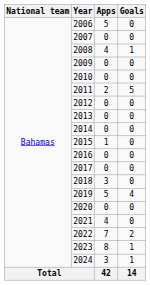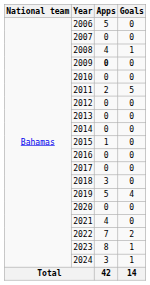 <table class="wikitable" style="text-align:center">
 <tr>
 <th>National team</th>
 <th>Year</th>
 <th>Apps</th>
 <th>Goals</th>
 </tr>
 <tr>
 <td rowspan="19"><a href='#'>Bahamas</a></td>
 <td>2006</td>
 <td>5</td>
 <td>0</td>
 </tr>
 <tr>
 <td>2007</td>
 <td>0</td>
 <td>0</td>
 </tr>
 <tr>
 <td>2008</td>
 <td>4</td>
 <td>1</td>
 </tr>
 <tr>
 <td>2009</td>
-<td>0</td>
+<td><strong>0</strong></td>
 <td>0</td>
 </tr>
 <tr>
 <td>2010</td>
 <td>0</td>
 <td>0</td>
 </tr>
 <tr>
 <td>2011</td>
 <td>2</td>
 <td>5</td>
 </tr>
 <tr>
 <td>2012</td>
 <td>0</td>
 <td>0</td>
 </tr>
 <tr>
 <td>2013</td>
 <td>0</td>
 <td>0</td>
 </tr>
 <tr>
 <td>2014</td>
 <td>0</td>
 <td>0</td>
 </tr>
 <tr>
 <td>2015</td>
 <td>1</td>
 <td>0</td>
 </tr>
 <tr>
 <td>2016</td>
 <td>0</td>
 <td>0</td>
 </tr>
 <tr>
 <td>2017</td>
 <td>0</td>
 <td>0</td>
 </tr>
 <tr>
 <td>2018</td>
 <td>3</td>
 <td>0</td>
 </tr>
 <tr>
 <td>2019</td>
 <td>5</td>
 <td>4</td>
 </tr>
 <tr>
 <td>2020</td>
 <td>0</td>
 <td>0</td>
 </tr>
 <tr>
 <td>2021</td>
 <td>4</td>
 <td>0</td>
 </tr>
 <tr>
 <td>2022</td>
 <td>7</td>
 <td>2</td>
 </tr>
 <tr>
 <td>2023</td>
 <td>8</td>
 <td>1</td>
 </tr>
 <tr>
 <td>2024</td>
 <td>3</td>
 <td>1</td>
 </tr>
 <tr>
 <th colspan="2">Total</th>
 <th>42</th>
 <th>14</th>
 </tr>
 </table>
